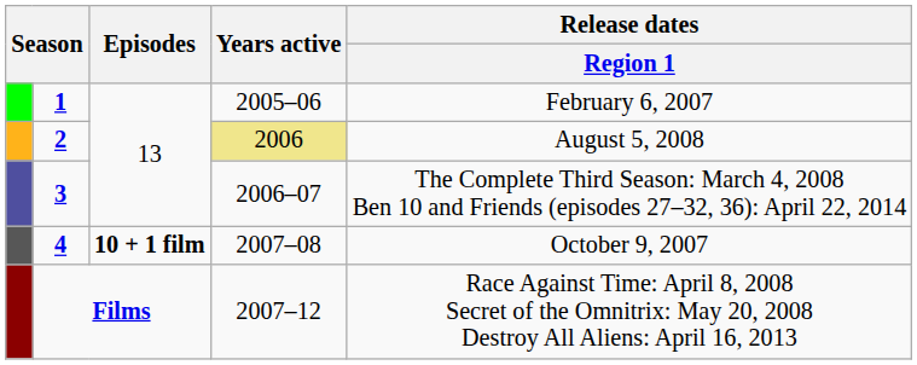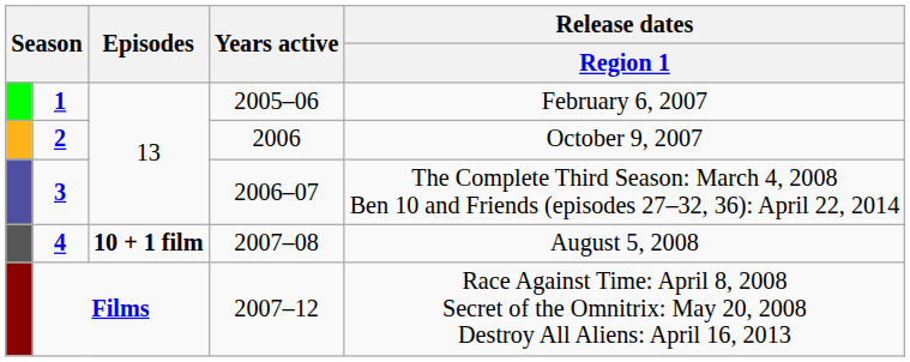 <table class="wikitable">
 <tr>
 <th colspan=2 rowspan=2>Season</th>
 <th rowspan=2>Episodes</th>
 <th rowspan=2>Years active</th>
 <th colspan=2>Release dates</th>
 </tr>
 <tr>
 <th><a href='#'>Region 1</a></th>
 </tr>
 <tr>
 <td style="background:#00FF00"></td>
 <td style="text-align: center"><strong><a href='#'>1</a></strong></td>
 <td rowspan=3 style="text-align: center">13</td>
 <td style="text-align: center">2005–06</td>
 <td style="text-align: center">February 6, 2007</td>
 </tr>
 <tr>
 <td style="background:#FFB31A"></td>
 <td style="text-align: center"><strong><a href='#'>2</a></strong></td>
-<td style="background: khaki; text-align: center">2006</td>
-<td style="text-align: center">August 5, 2008</td>
+<td style="text-align: center">2006</td>
+<td style="text-align: center">October 9, 2007</td>
 </tr>
 <tr>
 <td style="background:#4F4F9F"></td>
 <td style="text-align: center"><strong><a href='#'>3</a></strong></td>
 <td style="text-align: center">2006–07</td>
 <td style="text-align: center">The Complete Third Season: March 4, 2008<br>Ben 10 and Friends (episodes 27–32, 36): April 22, 2014</td>
 </tr>
 <tr>
 <td style="background:#575757"></td>
 <td style="text-align: center"><strong><a href='#'>4</a></strong></td>
 <td style="text-align: center"><strong>10 + 1 film</strong></td>
 <td style="text-align: center">2007–08</td>
-<td style="text-align: center">October 9, 2007</td>
+<td style="text-align: center">August 5, 2008</td>
 </tr>
 <tr>
 <td style="background:#8B0000"></td>
 <td colspan=2 style="text-align: center"><strong><a href='#'>Films</a></strong></td>
 <td style="text-align: center">2007–12</td>
 <td style="text-align: center">Race Against Time: April 8, 2008<br>Secret of the Omnitrix: May 20, 2008<br>Destroy All Aliens: April 16, 2013</td>
 </tr>
 </table>
